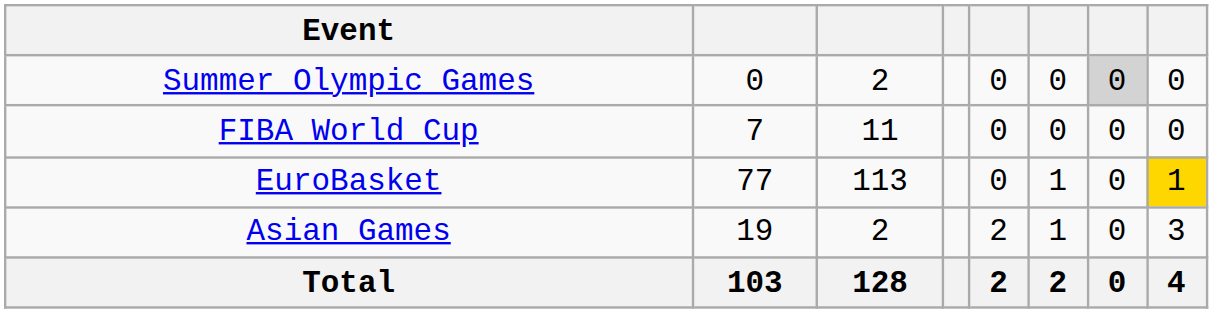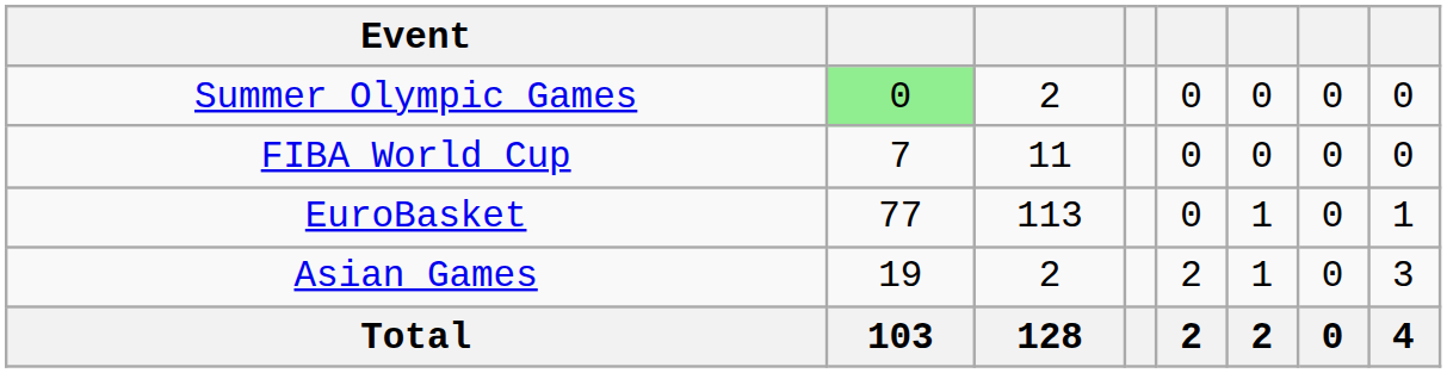 <table class="wikitable" style="text-align:center; vertical-align:top; width:40%;">
 <tr>
 <th>Event</th>
 <th></th>
 <th></th>
 <th></th>
 <th></th>
 <th></th>
 <th></th>
 <th></th>
 </tr>
 <tr>
 <td><a href='#'>Summer Olympic Games</a></td>
-<td>0</td>
+<td style="background: lightgreen;">0</td>
 <td>2</td>
 <td></td>
 <td>0</td>
 <td>0</td>
-<td style="background: lightgrey;">0</td>
+<td>0</td>
 <td>0</td>
 </tr>
 <tr>
 <td><a href='#'>FIBA World Cup</a></td>
 <td>7</td>
 <td>11</td>
 <td></td>
 <td>0</td>
 <td>0</td>
 <td>0</td>
 <td>0</td>
 </tr>
 <tr>
 <td><a href='#'>EuroBasket</a></td>
 <td>77</td>
 <td>113</td>
 <td></td>
 <td>0</td>
 <td>1</td>
 <td>0</td>
-<td style="background: gold;">1</td>
+<td>1</td>
 </tr>
 <tr>
 <td><a href='#'>Asian Games</a></td>
 <td>19</td>
 <td>2</td>
 <td></td>
 <td>2</td>
 <td>1</td>
 <td>0</td>
 <td>3</td>
 </tr>
 <tr>
 <th>Total</th>
 <th>103</th>
 <th>128</th>
 <th></th>
 <th>2</th>
 <th>2</th>
 <th>0</th>
 <th>4</th>
 </tr>
 </table>
